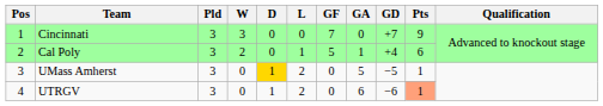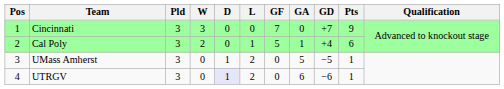 <table class="wikitable" style="text-align:center; margin: 1em auto">
 <tr>
 <th style="width:2em">Pos</th>
 <th style="width:13em">Team</th>
 <th style="width:2em">Pld</th>
 <th style="width:2em">W</th>
 <th style="width:2em">D</th>
 <th style="width:2em">L</th>
 <th style="width:2em">GF</th>
 <th style="width:2em">GA</th>
 <th style="width:2em">GD</th>
 <th style="width:2em">Pts</th>
 <th style="width:13em">Qualification</th>
 </tr>
 <tr bgcolor="#9eff9e">
 <td>1</td>
 <td style="text-align:left">Cincinnati</td>
 <td>3</td>
 <td>3</td>
 <td>0</td>
 <td>0</td>
 <td>7</td>
 <td>0</td>
 <td>+7</td>
 <td>9</td>
 <td rowspan="2">Advanced to knockout stage</td>
 </tr>
 <tr bgcolor="#9eff9e">
 <td>2</td>
 <td style="text-align:left">Cal Poly</td>
 <td>3</td>
 <td>2</td>
 <td>0</td>
 <td>1</td>
 <td>5</td>
 <td>1</td>
 <td>+4</td>
 <td>6</td>
 </tr>
 <tr>
 <td>3</td>
 <td style="text-align:left">UMass Amherst</td>
 <td>3</td>
 <td>0</td>
-<td style="background: gold;">1</td>
+<td>1</td>
 <td>2</td>
 <td>0</td>
 <td>5</td>
 <td>−5</td>
 <td>1</td>
 </tr>
 <tr>
 <td>4</td>
 <td style="text-align:left">UTRGV</td>
 <td>3</td>
 <td>0</td>
-<td>1</td>
+<td style="background: lavender;">1</td>
 <td>2</td>
 <td>0</td>
 <td>6</td>
 <td>−6</td>
-<td style="background: lightsalmon;">1</td>
+<td>1</td>
 </tr>
 </table>
